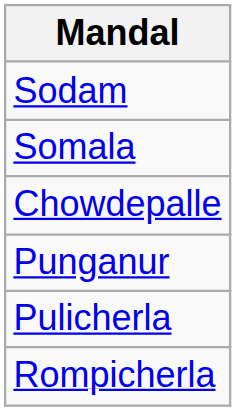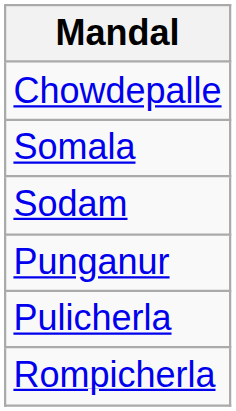 <table class="wikitable sortable static-row-numbers static-row-header-hash">
 <tr>
 <th>Mandal</th>
 </tr>
 <tr>
-<td><a href='#'>Sodam</a></td>
+<td><a href='#'>Chowdepalle</a></td>
 </tr>
 <tr>
 <td><a href='#'>Somala</a></td>
 </tr>
 <tr>
-<td><a href='#'>Chowdepalle</a></td>
+<td><a href='#'>Sodam</a></td>
 </tr>
 <tr>
 <td><a href='#'>Punganur</a></td>
 </tr>
 <tr>
 <td><a href='#'>Pulicherla</a></td>
 </tr>
 <tr>
 <td><a href='#'>Rompicherla</a></td>
 </tr>
 </table>
